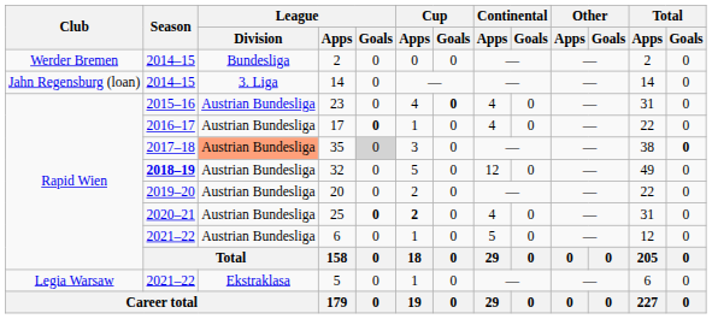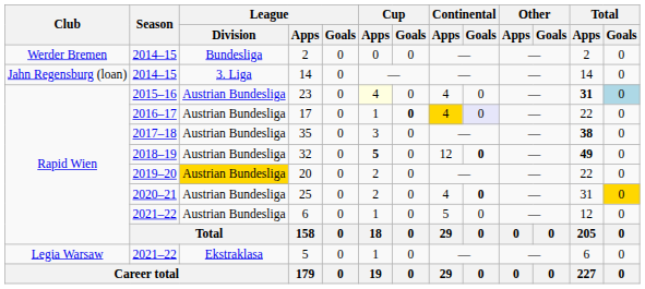 <table class="wikitable" style="text-align:center">
 <tr>
 <th rowspan="2">Club</th>
 <th rowspan="2">Season</th>
 <th colspan="3">League</th>
 <th colspan="2">Cup</th>
 <th colspan="2">Continental</th>
 <th colspan="2">Other</th>
 <th colspan="2">Total</th>
 </tr>
 <tr>
 <th>Division</th>
 <th>Apps</th>
 <th>Goals</th>
 <th>Apps</th>
 <th>Goals</th>
 <th>Apps</th>
 <th>Goals</th>
 <th>Apps</th>
 <th>Goals</th>
 <th>Apps</th>
 <th>Goals</th>
 </tr>
 <tr>
 <td><a href='#'>Werder Bremen</a></td>
 <td><a href='#'>2014–15</a></td>
 <td><a href='#'>Bundesliga</a></td>
 <td>2</td>
 <td>0</td>
 <td>0</td>
 <td>0</td>
 <td colspan="2">—</td>
 <td colspan="2">—</td>
 <td>2</td>
 <td>0</td>
 </tr>
 <tr>
 <td><a href='#'>Jahn Regensburg</a> (loan)</td>
 <td><a href='#'>2014–15</a></td>
 <td><a href='#'>3. Liga</a></td>
 <td>14</td>
 <td>0</td>
 <td colspan="2">—</td>
 <td colspan="2">—</td>
 <td colspan="2">—</td>
 <td>14</td>
 <td>0</td>
 </tr>
 <tr>
 <td rowspan="8"><a href='#'>Rapid Wien</a></td>
 <td><a href='#'>2015–16</a></td>
 <td><a href='#'>Austrian Bundesliga</a></td>
 <td>23</td>
 <td>0</td>
-<td>4</td>
-<td><strong>0</strong></td>
+<td style="background: lightyellow;">4</td>
+<td>0</td>
 <td>4</td>
 <td>0</td>
 <td colspan="2">—</td>
-<td>31</td>
-<td>0</td>
+<td><strong>31</strong></td>
+<td style="background: lightblue;">0</td>
 </tr>
 <tr>
 <td><a href='#'>2016–17</a></td>
 <td>Austrian Bundesliga</td>
 <td>17</td>
+<td>0</td>
+<td>1</td>
 <td><strong>0</strong></td>
-<td>1</td>
-<td>0</td>
-<td>4</td>
-<td>0</td>
+<td style="background: gold;">4</td>
+<td style="background: lavender;">0</td>
 <td colspan="2">—</td>
 <td>22</td>
 <td>0</td>
 </tr>
 <tr>
 <td><a href='#'>2017–18</a></td>
-<td style="background: lightsalmon;">Austrian Bundesliga</td>
+<td>Austrian Bundesliga</td>
 <td>35</td>
-<td style="background: lightgrey;">0</td>
+<td>0</td>
 <td>3</td>
 <td>0</td>
 <td colspan="2">—</td>
 <td colspan="2">—</td>
-<td>38</td>
-<td><strong>0</strong></td>
+<td><strong>38</strong></td>
+<td>0</td>
 </tr>
 <tr>
-<td><strong><a href='#'>2018–19</a></strong></td>
+<td><a href='#'>2018–19</a></td>
 <td>Austrian Bundesliga</td>
 <td>32</td>
 <td>0</td>
-<td>5</td>
+<td><strong>5</strong></td>
 <td>0</td>
 <td>12</td>
-<td>0</td>
+<td><strong>0</strong></td>
 <td colspan="2">—</td>
-<td>49</td>
+<td><strong>49</strong></td>
 <td>0</td>
 </tr>
 <tr>
 <td><a href='#'>2019–20</a></td>
-<td>Austrian Bundesliga</td>
+<td style="background: gold;">Austrian Bundesliga</td>
 <td>20</td>
 <td>0</td>
 <td>2</td>
 <td>0</td>
 <td colspan="2">—</td>
 <td colspan="2">—</td>
 <td>22</td>
 <td>0</td>
 </tr>
 <tr>
 <td><a href='#'>2020–21</a></td>
 <td>Austrian Bundesliga</td>
 <td>25</td>
-<td><strong>0</strong></td>
-<td><strong>2</strong></td>
+<td>0</td>
+<td>2</td>
 <td>0</td>
 <td>4</td>
-<td>0</td>
+<td><strong>0</strong></td>
 <td colspan="2">—</td>
 <td>31</td>
-<td>0</td>
+<td style="background: gold;">0</td>
 </tr>
 <tr>
 <td><a href='#'>2021–22</a></td>
 <td>Austrian Bundesliga</td>
 <td>6</td>
 <td>0</td>
 <td>1</td>
 <td>0</td>
 <td>5</td>
 <td>0</td>
 <td colspan="2">—</td>
 <td>12</td>
 <td>0</td>
 </tr>
 <tr>
 <th colspan="2">Total</th>
 <th>158</th>
 <th>0</th>
 <th>18</th>
 <th>0</th>
 <th>29</th>
 <th>0</th>
 <th>0</th>
 <th>0</th>
 <th>205</th>
 <th>0</th>
 </tr>
 <tr>
 <td><a href='#'>Legia Warsaw</a></td>
 <td><a href='#'>2021–22</a></td>
 <td><a href='#'>Ekstraklasa</a></td>
 <td>5</td>
 <td>0</td>
 <td>1</td>
 <td>0</td>
 <td colspan="2">—</td>
 <td colspan="2">—</td>
 <td>6</td>
 <td>0</td>
 </tr>
 <tr>
 <th colspan="3">Career total</th>
 <th>179</th>
 <th>0</th>
 <th>19</th>
 <th>0</th>
 <th>29</th>
 <th>0</th>
 <th>0</th>
 <th>0</th>
 <th>227</th>
 <th>0</th>
 </tr>
 </table>
